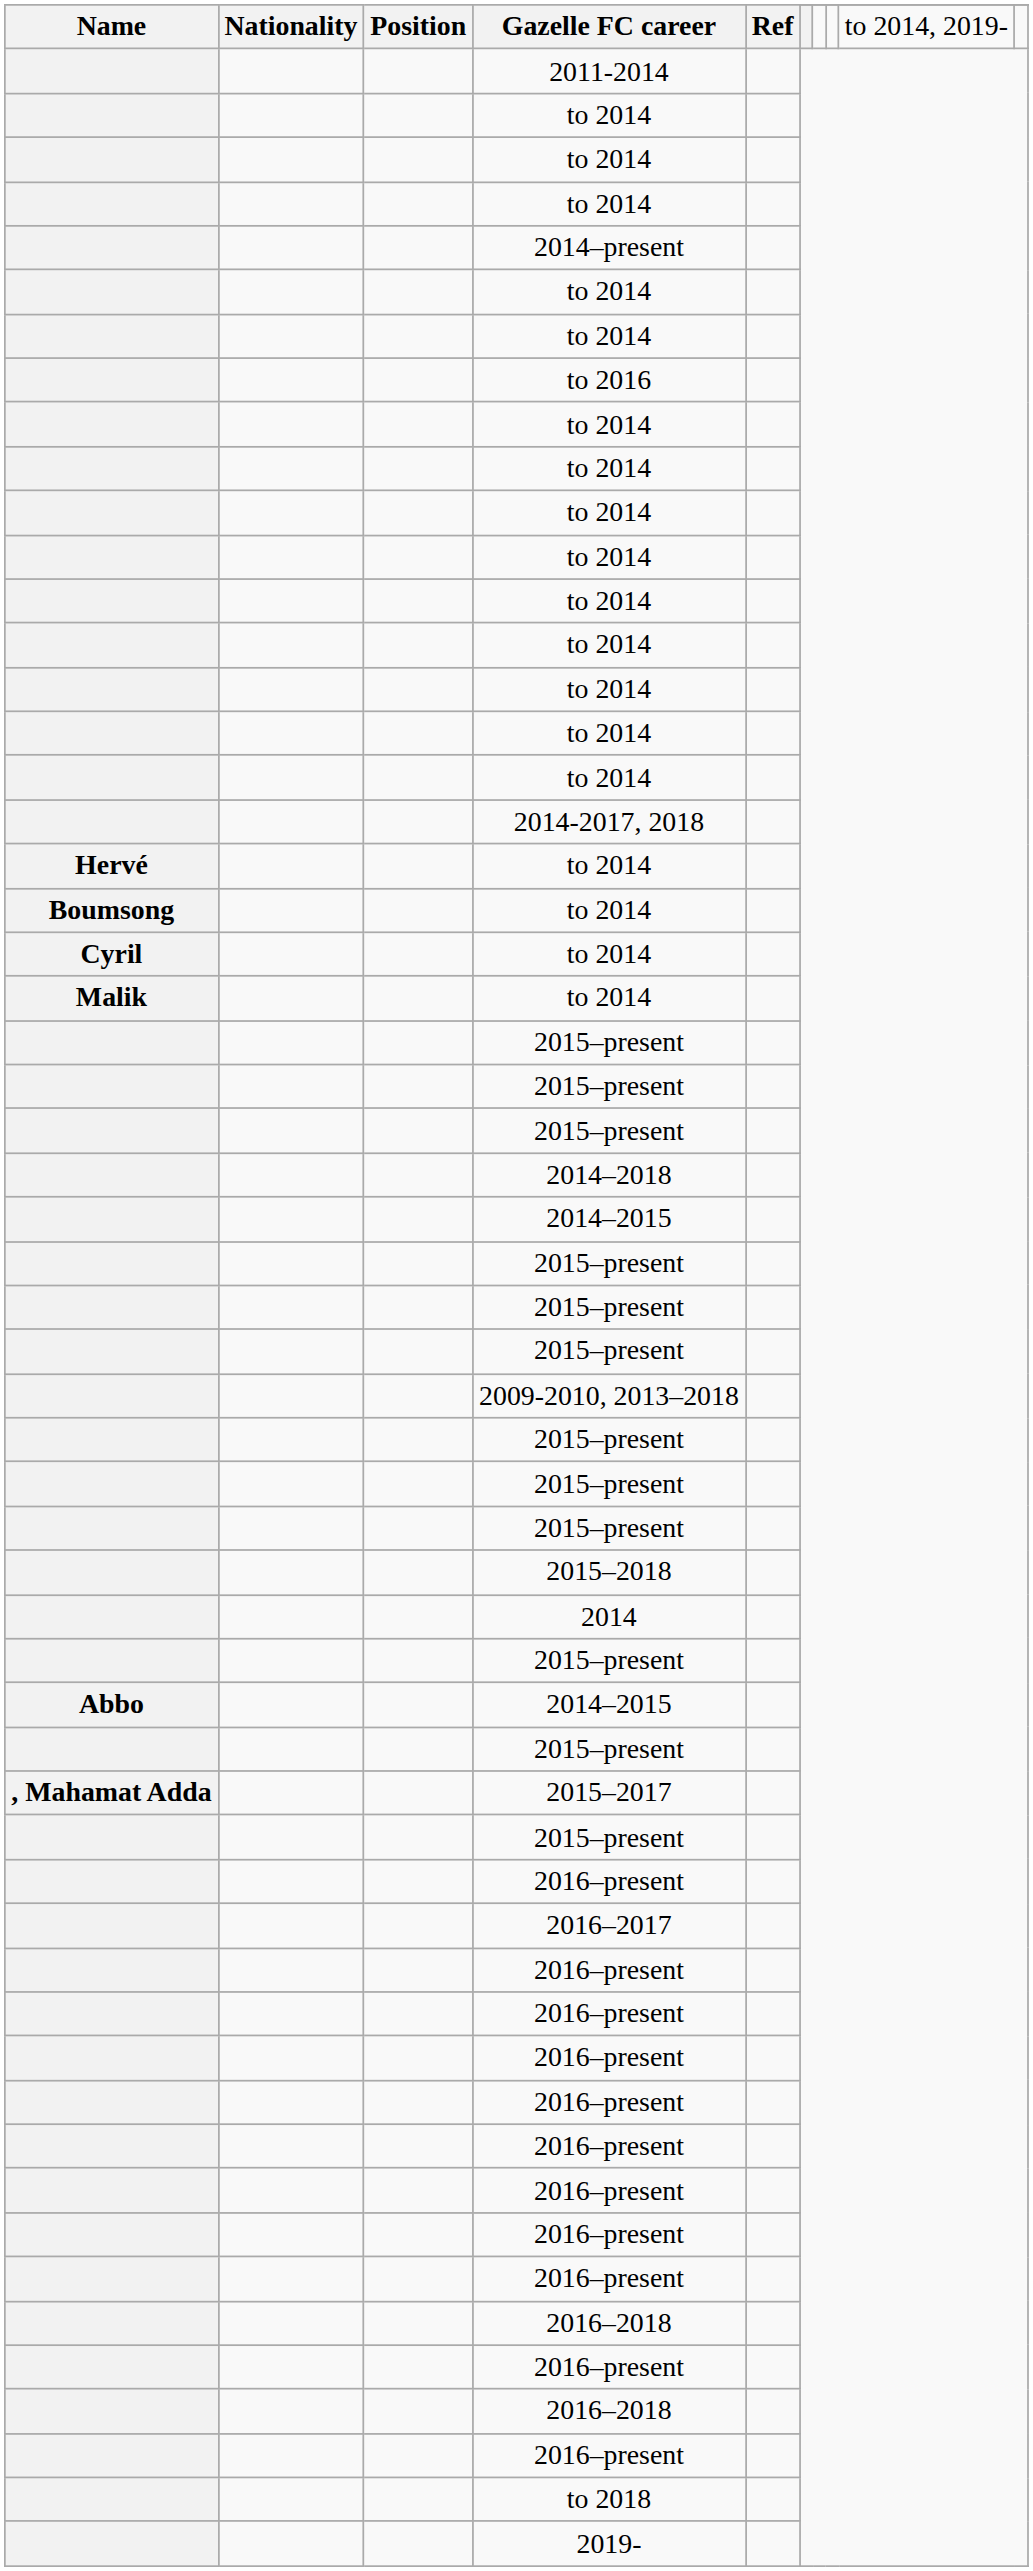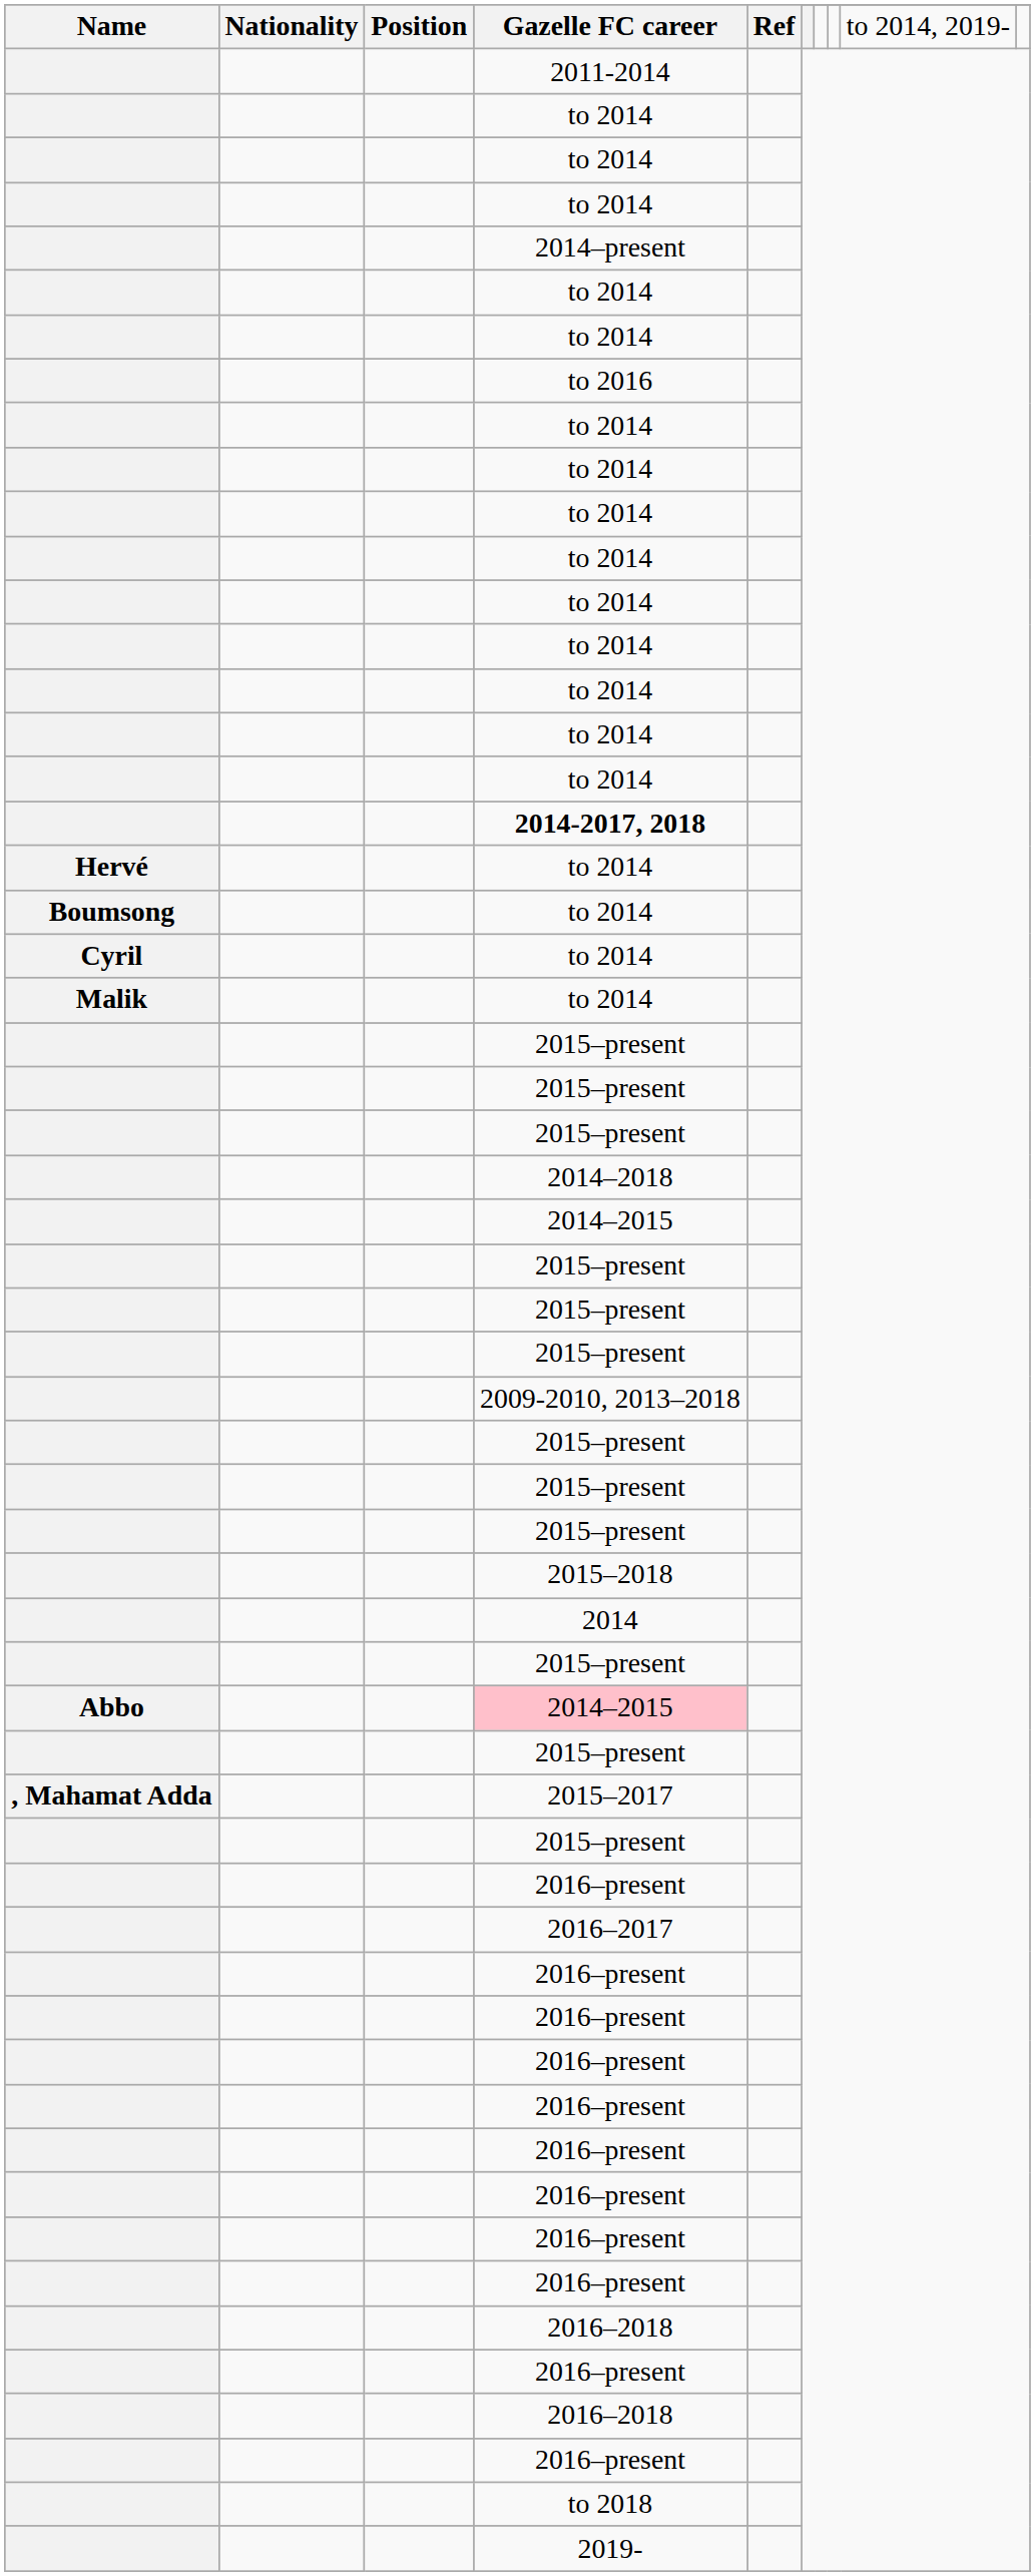 <table class="wikitable plainrowheaders sortable" style="text-align:center">
 <tr>
 <th scope="col" rowspan="2">Name</th>
 <th scope="col" rowspan="2">Nationality</th>
 <th scope="col" rowspan="2">Position</th>
 <th scope="col" rowspan="2">Gazelle FC career</th>
 <th scope="col" rowspan="2" class="unsortable">Ref</th>
 </tr>
 <tr>
 <th scope="row" align="left"></th>
 <td></td>
 <td></td>
 <td>to 2014, 2019-</td>
 <td></td>
 </tr>
 <tr>
 <th scope="row" align="left"></th>
 <td></td>
 <td></td>
 <td>2011-2014</td>
 <td></td>
 </tr>
 <tr>
 <th scope="row" align="left"></th>
 <td></td>
 <td></td>
 <td>to 2014</td>
 <td></td>
 </tr>
 <tr>
 <th scope="row" align="left"></th>
 <td></td>
 <td></td>
 <td>to 2014</td>
 <td></td>
 </tr>
 <tr>
 <th scope="row" align="left"></th>
 <td></td>
 <td></td>
 <td>to 2014</td>
 <td></td>
 </tr>
 <tr>
 <th scope="row" align="left"></th>
 <td></td>
 <td></td>
 <td>2014–present</td>
 <td></td>
 </tr>
 <tr>
 <th scope="row" align="left"></th>
 <td></td>
 <td></td>
 <td>to 2014</td>
 <td></td>
 </tr>
 <tr>
 <th scope="row" align="left"></th>
 <td></td>
 <td></td>
 <td>to 2014</td>
 <td></td>
 </tr>
 <tr>
 <th scope="row" align="left"></th>
 <td></td>
 <td></td>
 <td>to 2016</td>
 <td></td>
 </tr>
 <tr>
 <th scope="row" align="left"></th>
 <td></td>
 <td></td>
 <td>to 2014</td>
 <td></td>
 </tr>
 <tr>
 <th scope="row" align="left"></th>
 <td></td>
 <td></td>
 <td>to 2014</td>
 <td></td>
 </tr>
 <tr>
 <th scope="row" align="left"></th>
 <td></td>
 <td></td>
 <td>to 2014</td>
 <td></td>
 </tr>
 <tr>
 <th scope="row" align="left"></th>
 <td></td>
 <td></td>
 <td>to 2014</td>
 <td></td>
 </tr>
 <tr>
 <th scope="row" align="left"></th>
 <td></td>
 <td></td>
 <td>to 2014</td>
 <td></td>
 </tr>
 <tr>
 <th scope="row" align="left"></th>
 <td></td>
 <td></td>
 <td>to 2014</td>
 <td></td>
 </tr>
 <tr>
 <th scope="row" align="left"></th>
 <td></td>
 <td></td>
 <td>to 2014</td>
 <td></td>
 </tr>
 <tr>
 <th scope="row" align="left"></th>
 <td></td>
 <td></td>
 <td>to 2014</td>
 <td></td>
 </tr>
 <tr>
 <th scope="row" align="left"></th>
 <td></td>
 <td></td>
 <td>to 2014</td>
 <td></td>
 </tr>
 <tr>
 <th scope="row" align="left"></th>
 <td></td>
 <td></td>
-<td>2014-2017, 2018</td>
+<td><strong>2014-2017, 2018</strong></td>
 <td></td>
 </tr>
 <tr>
 <th scope="row" align="left">Hervé</th>
 <td></td>
 <td></td>
 <td>to 2014</td>
 <td></td>
 </tr>
 <tr>
 <th scope="row" align="left">Boumsong</th>
 <td></td>
 <td></td>
 <td>to 2014</td>
 <td></td>
 </tr>
 <tr>
 <th scope="row" align="left">Cyril</th>
 <td></td>
 <td></td>
 <td>to 2014</td>
 <td></td>
 </tr>
 <tr>
 <th scope="row" align="left">Malik</th>
 <td></td>
 <td></td>
 <td>to 2014</td>
 <td></td>
 </tr>
 <tr>
 <th scope="row" align="left"></th>
 <td></td>
 <td></td>
 <td>2015–present</td>
 <td></td>
 </tr>
 <tr>
 <th scope="row" align="left"></th>
 <td></td>
 <td></td>
 <td>2015–present</td>
 <td></td>
 </tr>
 <tr>
 <th scope="row" align="left"></th>
 <td></td>
 <td></td>
 <td>2015–present</td>
 <td></td>
 </tr>
 <tr>
 <th scope="row" align="left"></th>
 <td></td>
 <td></td>
 <td>2014–2018</td>
 <td></td>
 </tr>
 <tr>
 <th scope="row" align="left"></th>
 <td></td>
 <td></td>
 <td>2014–2015</td>
 <td></td>
 </tr>
 <tr>
 <th scope="row" align="left"></th>
 <td></td>
 <td></td>
 <td>2015–present</td>
 <td></td>
 </tr>
 <tr>
 <th scope="row" align="left"></th>
 <td></td>
 <td></td>
 <td>2015–present</td>
 <td></td>
 </tr>
 <tr>
 <th scope="row" align="left"></th>
 <td></td>
 <td></td>
 <td>2015–present</td>
 <td></td>
 </tr>
 <tr>
 <th scope="row" align="left"></th>
 <td></td>
 <td></td>
 <td>2009-2010, 2013–2018</td>
 <td></td>
 </tr>
 <tr>
 <th scope="row" align="left"></th>
 <td></td>
 <td></td>
 <td>2015–present</td>
 <td></td>
 </tr>
 <tr>
 <th scope="row" align="left"></th>
 <td></td>
 <td></td>
 <td>2015–present</td>
 <td></td>
 </tr>
 <tr>
 <th scope="row" align="left"></th>
 <td></td>
 <td></td>
 <td>2015–present</td>
 <td></td>
 </tr>
 <tr>
 <th scope="row" align="left"></th>
 <td></td>
 <td></td>
 <td>2015–2018</td>
 <td></td>
 </tr>
 <tr>
 <th scope="row" align="left"></th>
 <td></td>
 <td></td>
 <td>2014</td>
 <td></td>
 </tr>
 <tr>
 <th scope="row" align="left"></th>
 <td></td>
 <td></td>
 <td>2015–present</td>
 <td></td>
 </tr>
 <tr>
 <th scope="row" align="left">Abbo</th>
 <td></td>
 <td></td>
-<td>2014–2015</td>
+<td style="background: pink;">2014–2015</td>
 <td></td>
 </tr>
 <tr>
 <th scope="row" align="left"></th>
 <td></td>
 <td></td>
 <td>2015–present</td>
 <td></td>
 </tr>
 <tr>
 <th scope="row" align="left">, Mahamat Adda</th>
 <td></td>
 <td></td>
 <td>2015–2017</td>
 <td></td>
 </tr>
 <tr>
 <th scope="row" align="left"></th>
 <td></td>
 <td></td>
 <td>2015–present</td>
 <td></td>
 </tr>
 <tr>
 <th scope="row" align="left"></th>
 <td></td>
 <td></td>
 <td>2016–present</td>
 <td></td>
 </tr>
 <tr>
 <th scope="row" align="left"></th>
 <td></td>
 <td></td>
 <td>2016–2017</td>
 <td></td>
 </tr>
 <tr>
 <th scope="row" align="left"></th>
 <td></td>
 <td></td>
 <td>2016–present</td>
 <td></td>
 </tr>
 <tr>
 <th scope="row" align="left"></th>
 <td></td>
 <td></td>
 <td>2016–present</td>
 <td></td>
 </tr>
 <tr>
 <th scope="row" align="left"></th>
 <td></td>
 <td></td>
 <td>2016–present</td>
 <td></td>
 </tr>
 <tr>
 <th scope="row" align="left"></th>
 <td></td>
 <td></td>
 <td>2016–present</td>
 <td></td>
 </tr>
 <tr>
 <th scope="row" align="left"></th>
 <td></td>
 <td></td>
 <td>2016–present</td>
 <td></td>
 </tr>
 <tr>
 <th scope="row" align="left"></th>
 <td></td>
 <td></td>
 <td>2016–present</td>
 <td></td>
 </tr>
 <tr>
 <th scope="row" align="left"></th>
 <td></td>
 <td></td>
 <td>2016–present</td>
 <td></td>
 </tr>
 <tr>
 <th scope="row" align="left"></th>
 <td></td>
 <td></td>
 <td>2016–present</td>
 <td></td>
 </tr>
 <tr>
 <th scope="row" align="left"></th>
 <td></td>
 <td></td>
 <td>2016–2018</td>
 <td></td>
 </tr>
 <tr>
 <th scope="row" align="left"></th>
 <td></td>
 <td></td>
 <td>2016–present</td>
 <td></td>
 </tr>
 <tr>
 <th scope="row" align="left"></th>
 <td></td>
 <td></td>
 <td>2016–2018</td>
 <td></td>
 </tr>
 <tr>
 <th scope="row" align="left"></th>
 <td></td>
 <td></td>
 <td>2016–present</td>
 <td></td>
 </tr>
 <tr>
 <th scope="row" align="left"></th>
 <td></td>
 <td></td>
 <td>to 2018</td>
 <td></td>
 </tr>
 <tr>
 <th scope="row" align="left"></th>
 <td></td>
 <td></td>
 <td>2019-</td>
 <td></td>
 </tr>
 </table>
